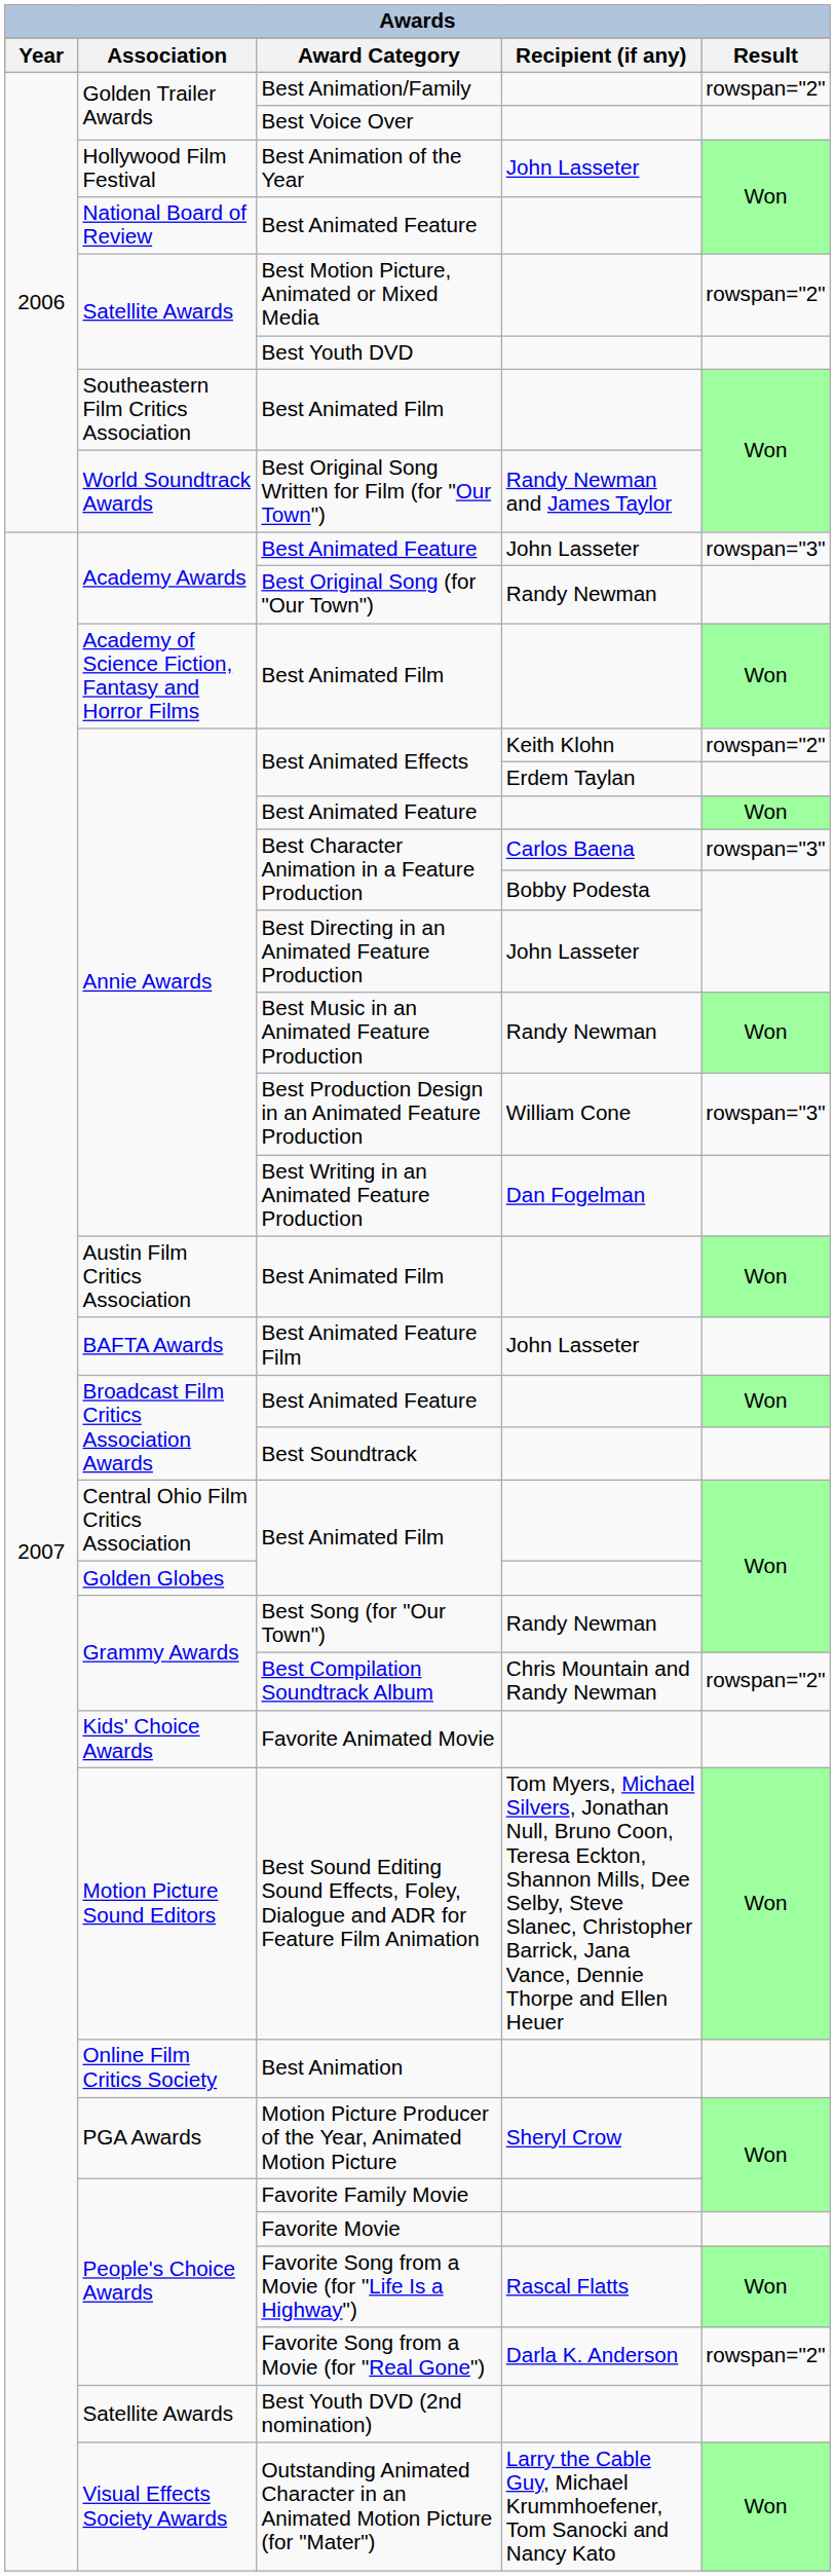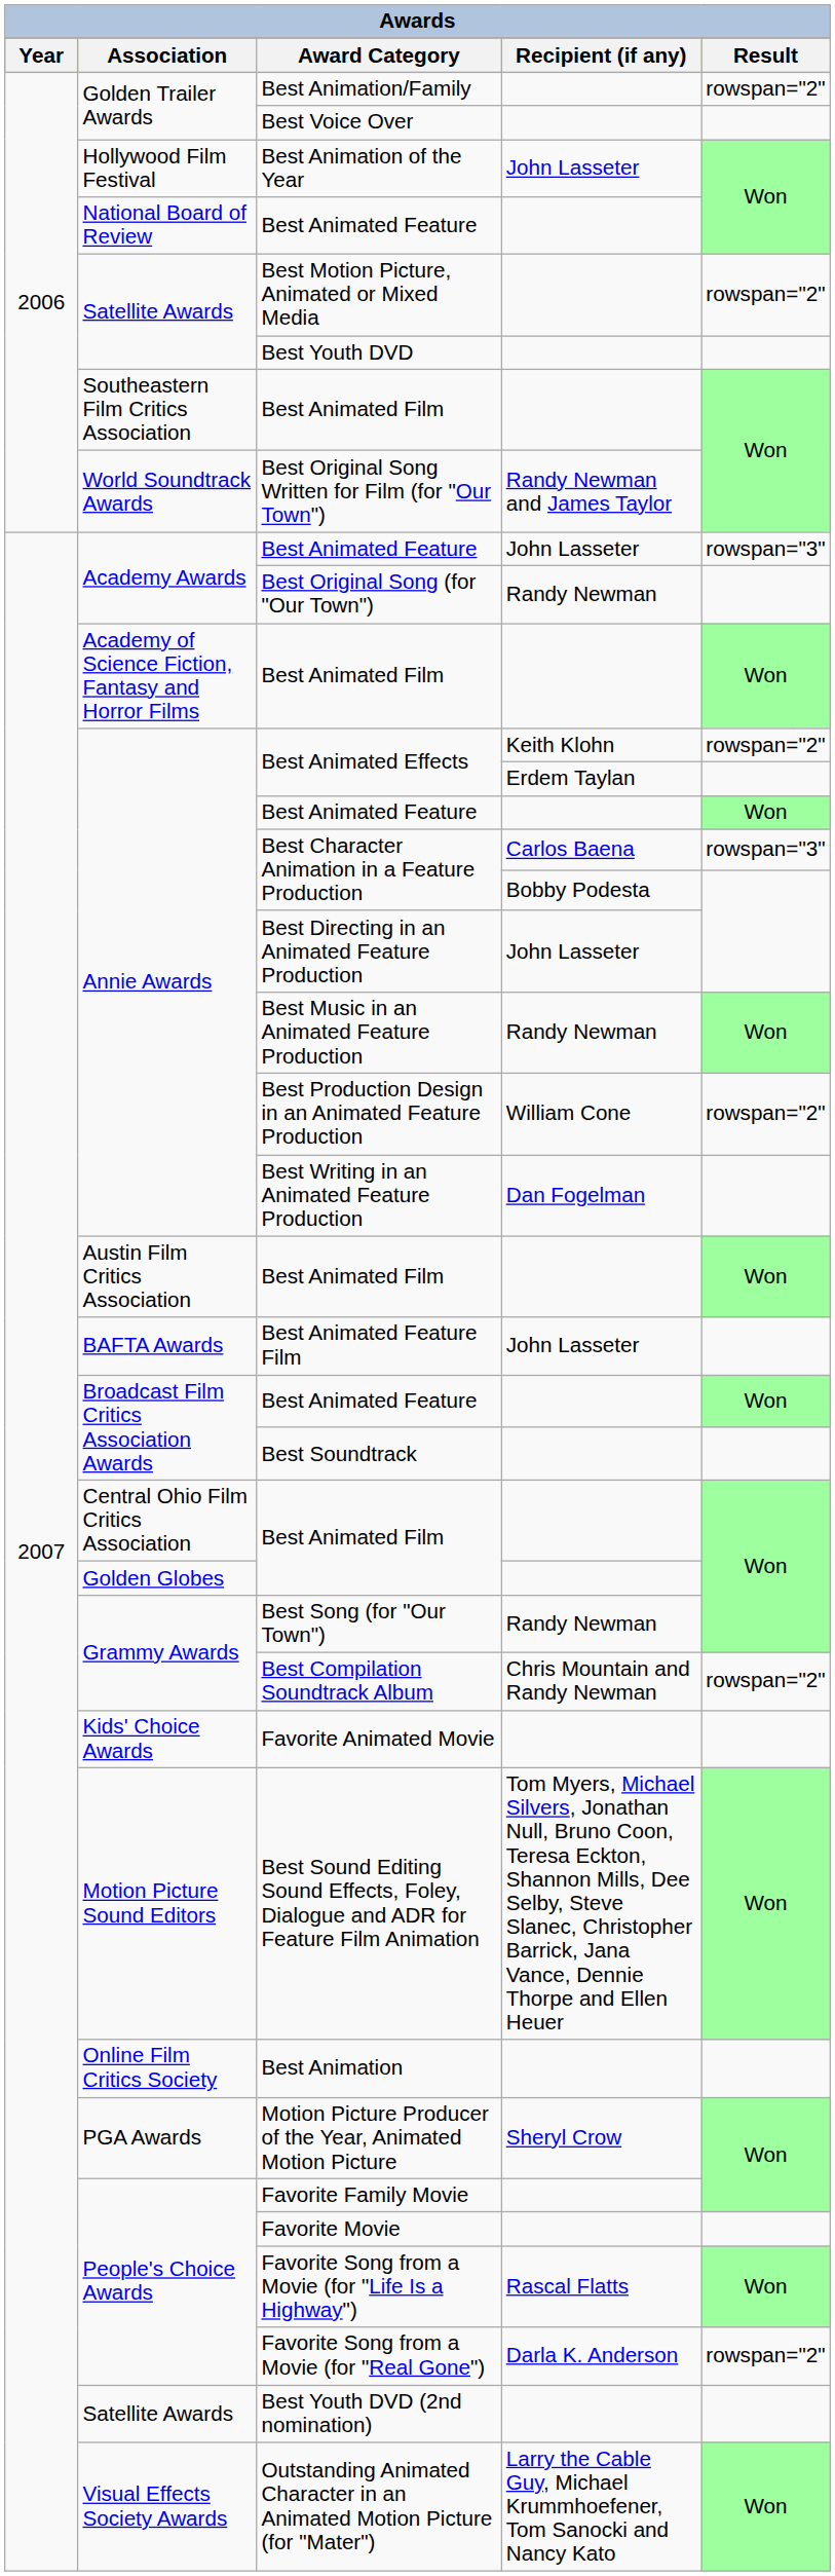 <table class="wikitable sortable" style="width:100%;">
 <tr style="background:#ccc; text-align:center;">
 <th colspan="5" style="background: LightSteelBlue;">Awards</th>
 </tr>
 <tr style="background:#ccc; text-align:center;">
 </tr>
 <tr ---- bgcolor="#BRBG16">
 <th width="075"><strong>Year</strong></th>
 <th width="200"><strong>Association</strong></th>
 <th width="300"><strong>Award Category</strong></th>
 <th width="200"><strong>Recipient (if any)</strong></th>
 <th width="80"><strong>Result</strong></th>
 </tr>
 <tr>
 <td rowspan="8" style="text-align:center;">2006</td>
 <td rowspan="2">Golden Trailer Awards</td>
 <td>Best Animation/Family</td>
 <td></td>
 <td>rowspan="2" </td>
 </tr>
 <tr>
 <td>Best Voice Over</td>
 <td></td>
 </tr>
 <tr>
 <td>Hollywood Film Festival</td>
 <td>Best Animation of the Year</td>
 <td><a href='#'>John Lasseter</a></td>
 <td rowspan="2" style="background:#9EFF9E;color:#000;vertical-align:middle;text-align:center;" class="yes table-yes2 notheme">Won</td>
 </tr>
 <tr>
 <td><a href='#'>National Board of Review</a></td>
 <td>Best Animated Feature</td>
 <td></td>
 </tr>
 <tr>
 <td rowspan="2"><a href='#'>Satellite Awards</a></td>
 <td>Best Motion Picture, Animated or Mixed Media</td>
 <td></td>
 <td>rowspan="2" </td>
 </tr>
 <tr>
 <td>Best Youth DVD</td>
 <td></td>
 </tr>
 <tr>
 <td>Southeastern Film Critics Association</td>
 <td>Best Animated Film</td>
 <td></td>
 <td rowspan="2" style="background:#9EFF9E;color:#000;vertical-align:middle;text-align:center;" class="yes table-yes2 notheme">Won</td>
 </tr>
 <tr>
 <td><a href='#'>World Soundtrack Awards</a></td>
 <td>Best Original Song Written for Film (for "<a href='#'>Our Town</a>")</td>
 <td><a href='#'>Randy Newman</a> and <a href='#'>James Taylor</a></td>
 </tr>
 <tr>
 <td rowspan="30" style="text-align:center;">2007</td>
 <td rowspan="2"><a href='#'>Academy Awards</a></td>
 <td><a href='#'>Best Animated Feature</a></td>
 <td>John Lasseter</td>
 <td>rowspan="3" </td>
 </tr>
 <tr>
 <td><a href='#'>Best Original Song</a> (for "Our Town")</td>
 <td>Randy Newman</td>
 </tr>
 <tr>
 <td><a href='#'>Academy of Science Fiction, Fantasy and Horror Films</a></td>
 <td>Best Animated Film</td>
 <td></td>
 <td style="background:#9EFF9E;color:#000;vertical-align:middle;text-align:center;" class="yes table-yes2 notheme">Won</td>
 </tr>
 <tr>
 <td rowspan="9"><a href='#'>Annie Awards</a></td>
 <td rowspan=2>Best Animated Effects</td>
 <td>Keith Klohn</td>
 <td>rowspan="2" </td>
 </tr>
 <tr>
 <td>Erdem Taylan</td>
 </tr>
 <tr>
 <td>Best Animated Feature</td>
 <td></td>
 <td style="background:#9EFF9E;color:#000;vertical-align:middle;text-align:center;" class="yes table-yes2 notheme">Won</td>
 </tr>
 <tr>
 <td rowspan=2>Best Character Animation in a Feature Production</td>
 <td><a href='#'>Carlos Baena</a></td>
 <td>rowspan="3" </td>
 </tr>
 <tr>
 <td>Bobby Podesta</td>
 </tr>
 <tr>
 <td>Best Directing in an Animated Feature Production</td>
 <td>John Lasseter</td>
 </tr>
 <tr>
 <td>Best Music in an Animated Feature Production</td>
 <td>Randy Newman</td>
 <td style="background:#9EFF9E;color:#000;vertical-align:middle;text-align:center;" class="yes table-yes2 notheme">Won</td>
 </tr>
 <tr>
 <td>Best Production Design in an Animated Feature Production</td>
 <td>William Cone</td>
-<td>rowspan="3" </td>
+<td>rowspan="2" </td>
 </tr>
 <tr>
 <td>Best Writing in an Animated Feature Production</td>
 <td><a href='#'>Dan Fogelman</a></td>
 </tr>
 <tr>
 <td>Austin Film Critics Association</td>
 <td>Best Animated Film</td>
 <td></td>
 <td style="background:#9EFF9E;color:#000;vertical-align:middle;text-align:center;" class="yes table-yes2 notheme">Won</td>
 </tr>
 <tr>
 <td><a href='#'>BAFTA Awards</a></td>
 <td>Best Animated Feature Film</td>
 <td>John Lasseter</td>
 <td></td>
 </tr>
 <tr>
 <td rowspan="2"><a href='#'>Broadcast Film Critics Association Awards</a></td>
 <td>Best Animated Feature</td>
 <td></td>
 <td style="background:#9EFF9E;color:#000;vertical-align:middle;text-align:center;" class="yes table-yes2 notheme">Won</td>
 </tr>
 <tr>
 <td>Best Soundtrack</td>
 <td></td>
 <td></td>
 </tr>
 <tr>
 <td>Central Ohio Film Critics Association</td>
 <td rowspan="2">Best Animated Film</td>
 <td></td>
 <td rowspan="3" style="background:#9EFF9E;color:#000;vertical-align:middle;text-align:center;" class="yes table-yes2 notheme">Won</td>
 </tr>
 <tr>
 <td><a href='#'>Golden Globes</a></td>
 <td></td>
 </tr>
 <tr>
 <td rowspan="2"><a href='#'>Grammy Awards</a></td>
 <td Grammy Award for Best Song Written for a Motion Picture, Television or Other Visual Media>Best Song (for "Our Town")</td>
 <td>Randy Newman</td>
 </tr>
 <tr>
 <td><a href='#'>Best Compilation Soundtrack Album</a></td>
 <td>Chris Mountain and Randy Newman</td>
 <td>rowspan="2" </td>
 </tr>
 <tr>
 <td><a href='#'>Kids' Choice Awards</a></td>
 <td>Favorite Animated Movie</td>
 <td></td>
 </tr>
 <tr>
 <td><a href='#'>Motion Picture Sound Editors</a></td>
 <td>Best Sound Editing Sound Effects, Foley, Dialogue and ADR for Feature Film Animation</td>
 <td>Tom Myers, <a href='#'>Michael Silvers</a>, Jonathan Null, Bruno Coon, Teresa Eckton, Shannon Mills, Dee Selby, Steve Slanec, Christopher Barrick, Jana Vance, Dennie Thorpe and Ellen Heuer</td>
 <td style="background:#9EFF9E;color:#000;vertical-align:middle;text-align:center;" class="yes table-yes2 notheme">Won</td>
 </tr>
 <tr>
 <td><a href='#'>Online Film Critics Society</a></td>
 <td>Best Animation</td>
 <td></td>
 <td></td>
 </tr>
 <tr>
 <td>PGA Awards</td>
 <td>Motion Picture Producer of the Year, Animated Motion Picture</td>
 <td><a href='#'>Sheryl Crow</a></td>
 <td rowspan="2" style="background:#9EFF9E;color:#000;vertical-align:middle;text-align:center;" class="yes table-yes2 notheme">Won</td>
 </tr>
 <tr>
 <td rowspan="4"><a href='#'>People's Choice Awards</a></td>
 <td>Favorite Family Movie</td>
 <td></td>
 </tr>
 <tr>
 <td>Favorite Movie</td>
 <td></td>
 <td></td>
 </tr>
 <tr>
 <td>Favorite Song from a Movie (for "<a href='#'>Life Is a Highway</a>")</td>
 <td><a href='#'>Rascal Flatts</a></td>
 <td style="background:#9EFF9E;color:#000;vertical-align:middle;text-align:center;" class="yes table-yes2 notheme">Won</td>
 </tr>
 <tr>
 <td>Favorite Song from a Movie (for "<a href='#'>Real Gone</a>")</td>
 <td><a href='#'>Darla K. Anderson</a></td>
 <td>rowspan="2" </td>
 </tr>
 <tr>
 <td>Satellite Awards</td>
 <td>Best Youth DVD (2nd nomination)</td>
 <td></td>
 </tr>
 <tr>
 <td><a href='#'>Visual Effects Society Awards</a></td>
 <td>Outstanding Animated Character in an Animated Motion Picture (for "Mater")</td>
 <td><a href='#'>Larry the Cable Guy</a>, Michael Krummhoefener, Tom Sanocki and Nancy Kato</td>
 <td style="background:#9EFF9E;color:#000;vertical-align:middle;text-align:center;" class="yes table-yes2 notheme">Won</td>
 </tr>
 </table>
